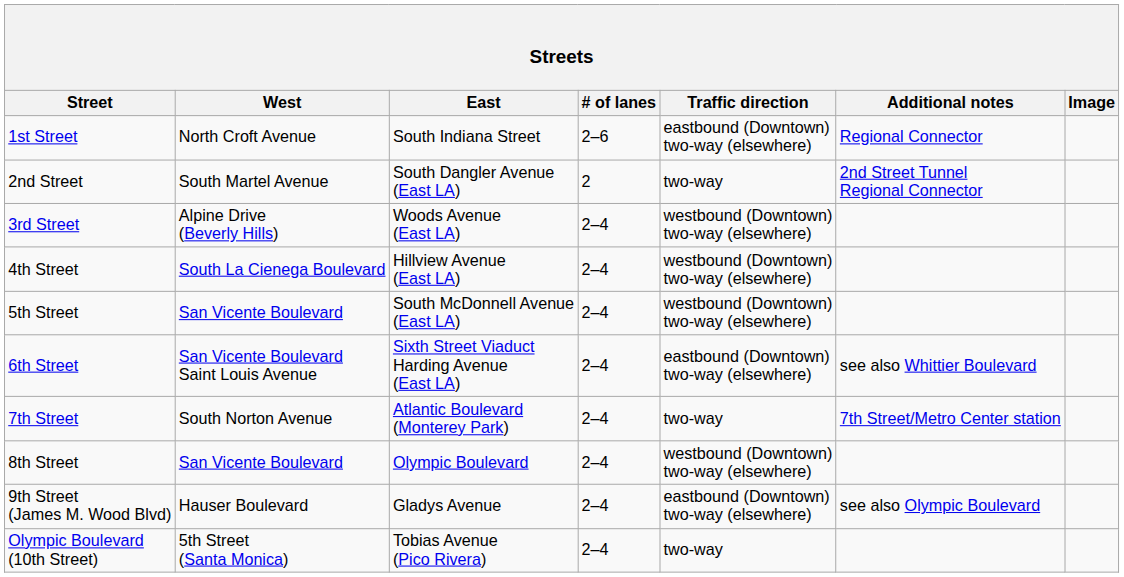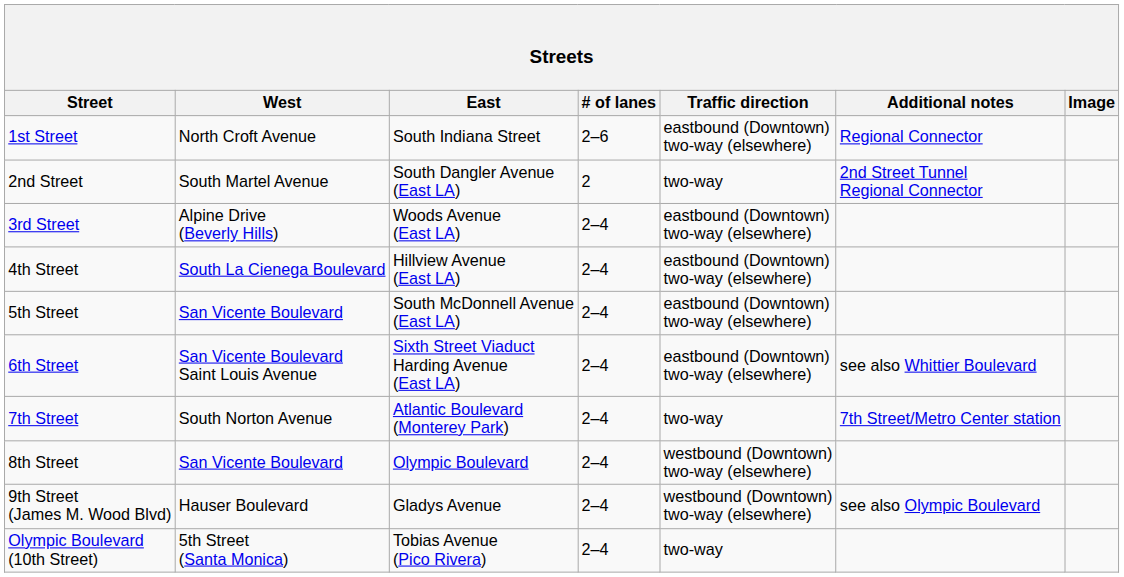 <table class=wikitable>
 <tr>
 <th colspan=8><br><h3>Streets</h3></th>
 </tr>
 <tr>
 <th>Street</th>
 <th>West</th>
 <th>East</th>
 <th># of lanes</th>
 <th>Traffic direction</th>
 <th>Additional notes</th>
 <th>Image</th>
 </tr>
 <tr>
 <td><a href='#'>1st Street</a></td>
 <td>North Croft Avenue</td>
 <td>South Indiana Street</td>
 <td>2–6</td>
 <td>eastbound (Downtown)<br>two-way (elsewhere)</td>
 <td><a href='#'>Regional Connector</a></td>
 <td></td>
 </tr>
 <tr>
 <td>2nd Street</td>
 <td>South Martel Avenue</td>
 <td>South Dangler Avenue<br>(<a href='#'>East LA</a>)</td>
 <td>2</td>
 <td>two-way</td>
 <td><a href='#'>2nd Street Tunnel</a><br><a href='#'>Regional Connector</a></td>
 <td></td>
 </tr>
 <tr>
 <td><a href='#'>3rd Street</a></td>
 <td>Alpine Drive<br>(<a href='#'>Beverly Hills</a>)</td>
 <td>Woods Avenue<br>(<a href='#'>East LA</a>)</td>
 <td>2–4</td>
-<td>westbound (Downtown)<br>two-way (elsewhere)</td>
+<td>eastbound (Downtown)<br>two-way (elsewhere)</td>
 <td></td>
 <td></td>
 </tr>
 <tr>
 <td>4th Street</td>
 <td><a href='#'>South La Cienega Boulevard</a></td>
 <td>Hillview Avenue<br>(<a href='#'>East LA</a>)</td>
 <td>2–4</td>
-<td>westbound (Downtown)<br>two-way (elsewhere)</td>
+<td>eastbound (Downtown)<br>two-way (elsewhere)</td>
 <td></td>
 <td></td>
 </tr>
 <tr>
 <td>5th Street</td>
 <td><a href='#'>San Vicente Boulevard</a></td>
 <td>South McDonnell Avenue<br>(<a href='#'>East LA</a>)</td>
 <td>2–4</td>
-<td>westbound (Downtown)<br>two-way (elsewhere)</td>
+<td>eastbound (Downtown)<br>two-way (elsewhere)</td>
 <td></td>
 <td></td>
 </tr>
 <tr>
 <td><a href='#'>6th Street</a></td>
 <td><a href='#'>San Vicente Boulevard</a><br>Saint Louis Avenue</td>
 <td><a href='#'>Sixth Street Viaduct</a><br>Harding Avenue<br>(<a href='#'>East LA</a>)</td>
 <td>2–4</td>
 <td>eastbound (Downtown)<br>two-way (elsewhere)</td>
 <td>see also <a href='#'>Whittier Boulevard</a></td>
 <td></td>
 </tr>
 <tr>
 <td><a href='#'>7th Street</a></td>
 <td>South Norton Avenue</td>
 <td><a href='#'>Atlantic Boulevard</a><br>(<a href='#'>Monterey Park</a>)</td>
 <td>2–4</td>
 <td>two-way</td>
 <td><a href='#'>7th Street/Metro Center station</a></td>
 <td></td>
 </tr>
 <tr>
 <td>8th Street</td>
 <td><a href='#'>San Vicente Boulevard</a></td>
 <td><a href='#'>Olympic Boulevard</a></td>
 <td>2–4</td>
 <td>westbound (Downtown)<br>two-way (elsewhere)</td>
 <td></td>
 <td></td>
 </tr>
 <tr>
 <td>9th Street<br>(James M. Wood Blvd)</td>
 <td>Hauser Boulevard</td>
 <td>Gladys Avenue</td>
 <td>2–4</td>
-<td>eastbound (Downtown)<br>two-way (elsewhere)</td>
+<td>westbound (Downtown)<br>two-way (elsewhere)</td>
 <td>see also <a href='#'>Olympic Boulevard</a></td>
 <td></td>
 </tr>
 <tr>
 <td><a href='#'>Olympic Boulevard</a><br>(10th Street)</td>
 <td>5th Street<br>(<a href='#'>Santa Monica</a>)</td>
 <td>Tobias Avenue<br>(<a href='#'>Pico Rivera</a>)</td>
 <td>2–4</td>
 <td>two-way</td>
 <td></td>
 <td></td>
 </tr>
 </table>
